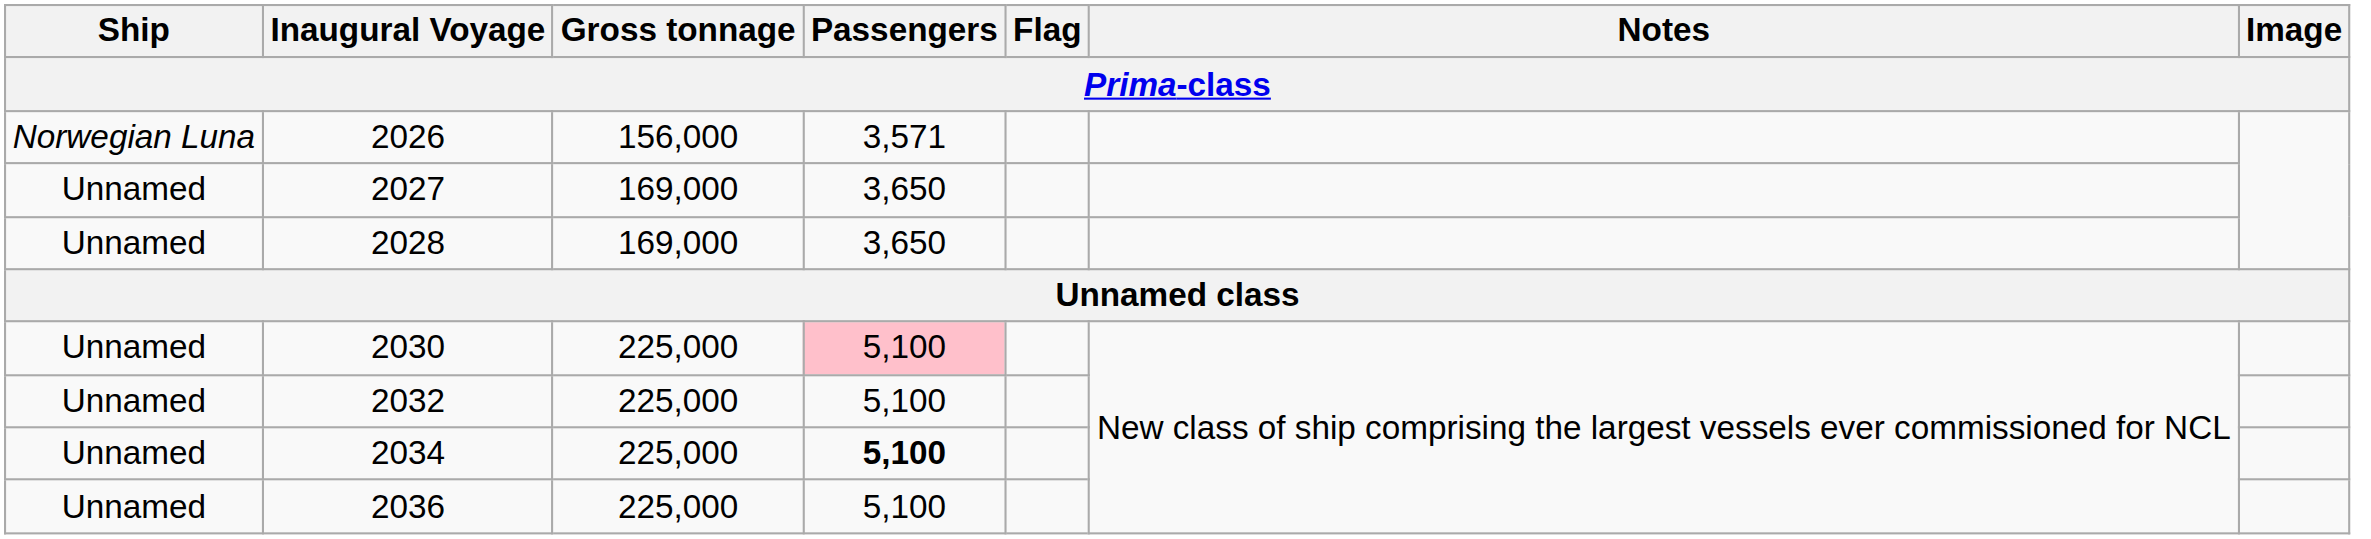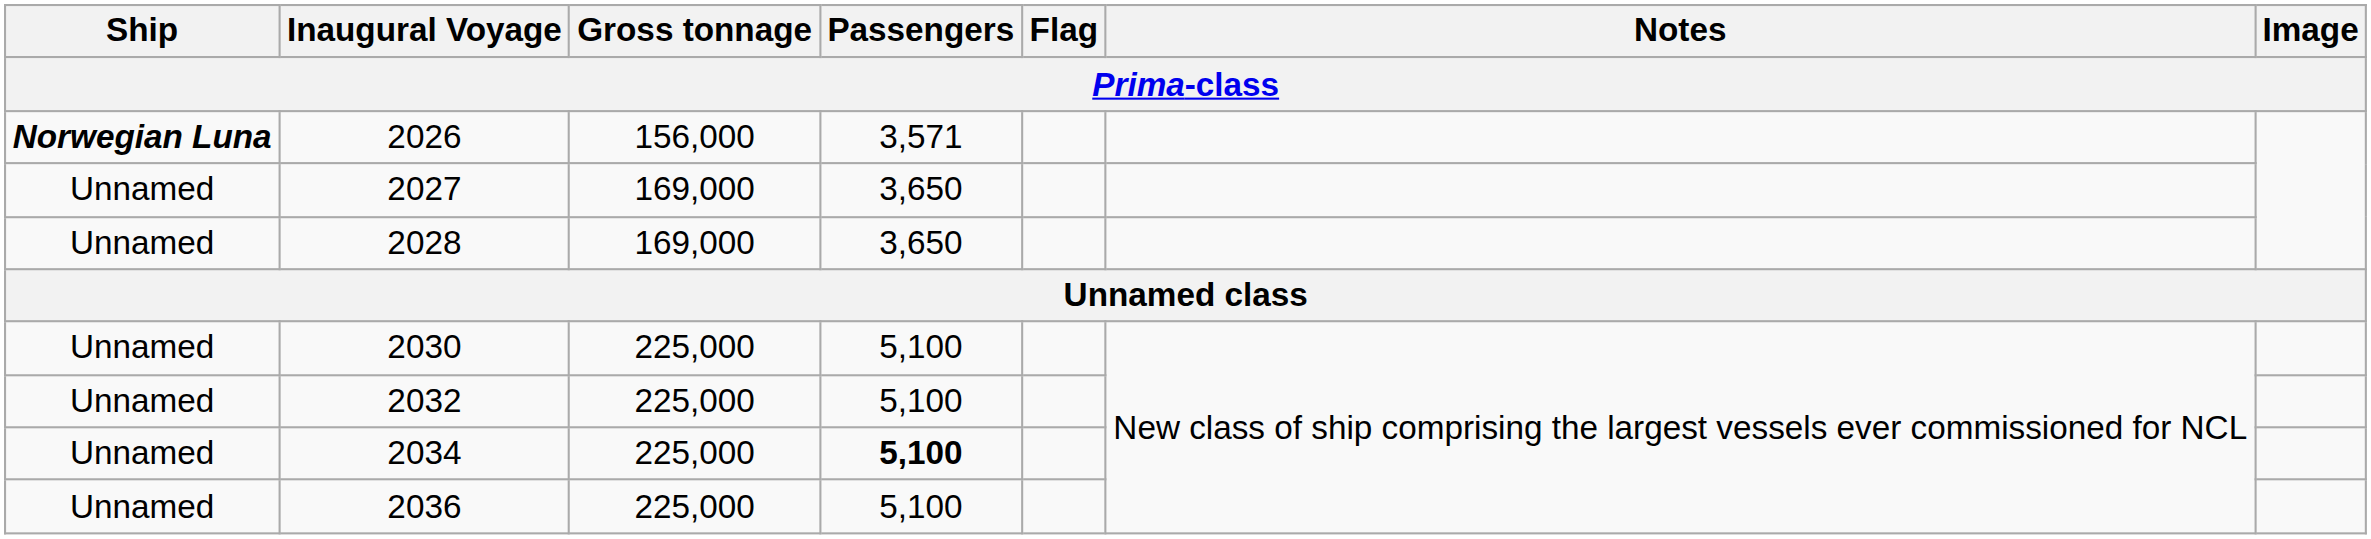 <table class="wikitable sortable" style="text-align:center;">
 <tr>
 <th>Ship</th>
 <th>Inaugural Voyage</th>
 <th>Gross tonnage</th>
 <th>Passengers</th>
 <th>Flag</th>
 <th>Notes</th>
 <th>Image</th>
 </tr>
 <tr>
 <th colspan="7"><a href='#'><em>Prima</em>-class</a></th>
 </tr>
 <tr>
-<td><em>Norwegian Luna</em></td>
+<td><strong><em>Norwegian Luna</em></strong></td>
 <td>2026</td>
 <td>156,000</td>
 <td>3,571</td>
 <td></td>
 <td></td>
 </tr>
 <tr>
 <td>Unnamed</td>
 <td>2027</td>
 <td>169,000</td>
 <td>3,650</td>
 <td></td>
 <td></td>
 </tr>
 <tr>
 <td>Unnamed</td>
 <td>2028</td>
 <td>169,000</td>
 <td>3,650</td>
 <td></td>
 <td></td>
 </tr>
 <tr>
 <th colspan="7">Unnamed class</th>
 </tr>
 <tr>
 <td>Unnamed</td>
 <td>2030</td>
 <td>225,000</td>
-<td style="background: pink;">5,100</td>
+<td>5,100</td>
 <td></td>
 <td rowspan="4">New class of ship comprising the largest vessels ever commissioned for NCL</td>
 <td></td>
 </tr>
 <tr>
 <td>Unnamed</td>
 <td>2032</td>
 <td>225,000</td>
 <td>5,100</td>
 <td></td>
 <td></td>
 </tr>
 <tr>
 <td>Unnamed</td>
 <td>2034</td>
 <td>225,000</td>
 <td><strong>5,100</strong></td>
 <td></td>
 <td></td>
 </tr>
 <tr>
 <td>Unnamed</td>
 <td>2036</td>
 <td>225,000</td>
 <td>5,100</td>
 <td></td>
 <td></td>
 </tr>
 </table>
